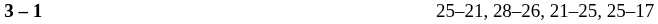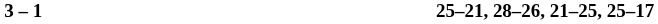 <table width=100% cellspacing=1>
 <tr>
 <th width=20%></th>
 <th width=12%></th>
 <th width=20%></th>
 <th width=33%></th>
 <td></td>
 </tr>
 <tr style=font-size:95%>
 <td align=right><strong></strong></td>
 <td align=center><strong>3 – 1</strong></td>
 <td></td>
-<td>25–21, 28–26, 21–25, 25–17</td>
+<td><strong>25–21, 28–26, 21–25, 25–17</strong></td>
 </tr>
 </table>
